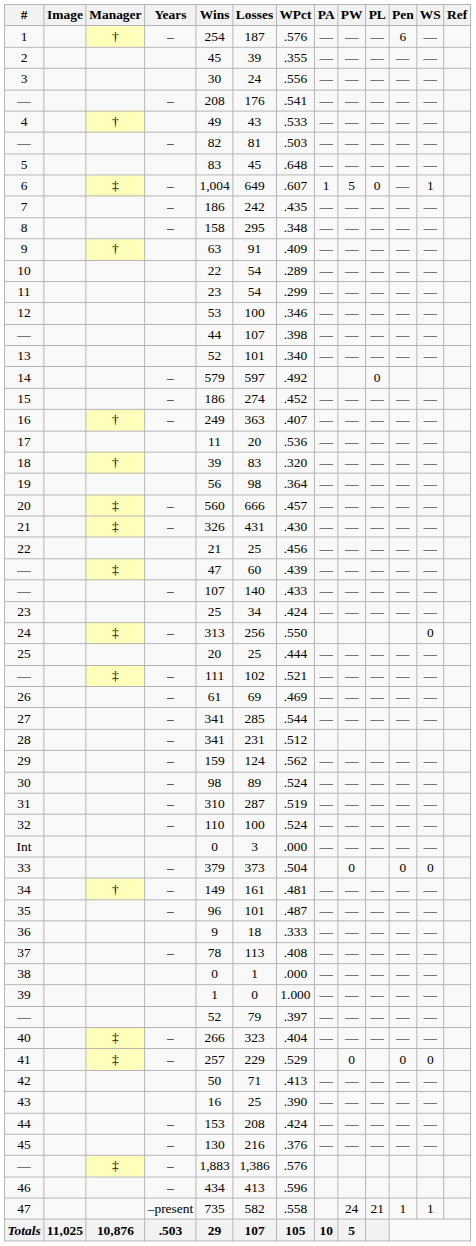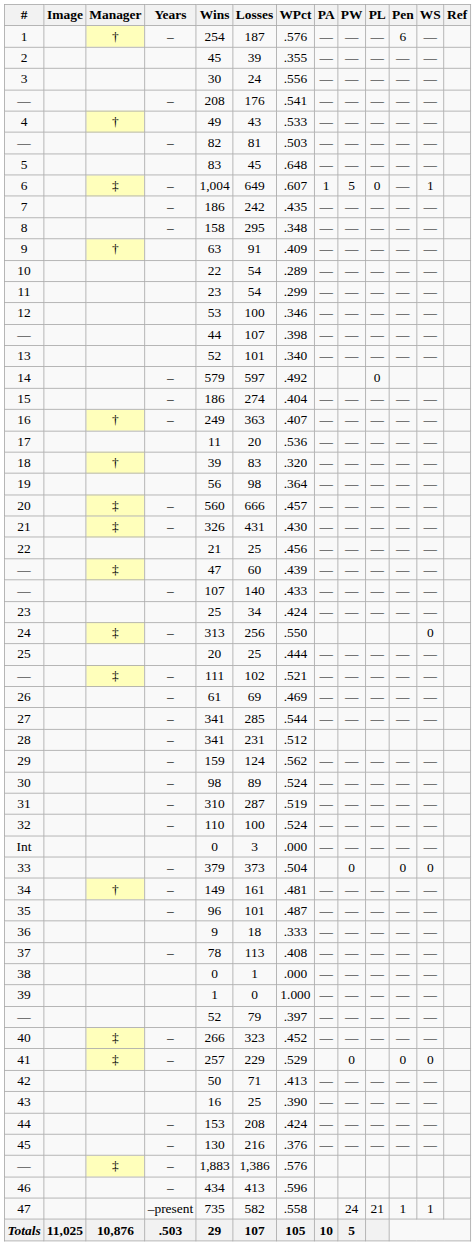 <table class="wikitable sortable" style="text-align:center">
 <tr>
 <th class="unsortable">#</th>
 <th>Image</th>
 <th>Manager</th>
 <th>Years</th>
 <th>Wins</th>
 <th>Losses</th>
 <th>WPct</th>
 <th>PA</th>
 <th>PW</th>
 <th>PL</th>
 <th>Pen</th>
 <th>WS</th>
 <th class="unsortable">Ref</th>
 </tr>
 <tr>
 <td>1</td>
 <td></td>
 <td style="background:#ffb;">†</td>
 <td>–</td>
 <td>254</td>
 <td>187</td>
 <td>.576</td>
 <td>—</td>
 <td>—</td>
 <td>—</td>
 <td>6</td>
 <td>—</td>
 <td></td>
 </tr>
 <tr>
 <td>2</td>
 <td></td>
 <td></td>
 <td></td>
 <td>45</td>
 <td>39</td>
 <td>.355</td>
 <td>—</td>
 <td>—</td>
 <td>—</td>
 <td>—</td>
 <td>—</td>
 <td></td>
 </tr>
 <tr>
 <td>3</td>
 <td></td>
 <td></td>
 <td></td>
 <td>30</td>
 <td>24</td>
 <td>.556</td>
 <td>—</td>
 <td>—</td>
 <td>—</td>
 <td>—</td>
 <td>—</td>
 <td></td>
 </tr>
 <tr>
 <td>—</td>
 <td></td>
 <td></td>
 <td>–</td>
 <td>208</td>
 <td>176</td>
 <td>.541</td>
 <td>—</td>
 <td>—</td>
 <td>—</td>
 <td>—</td>
 <td>—</td>
 <td></td>
 </tr>
 <tr>
 <td>4</td>
 <td></td>
 <td style="background:#ffb;">†</td>
 <td></td>
 <td>49</td>
 <td>43</td>
 <td>.533</td>
 <td>—</td>
 <td>—</td>
 <td>—</td>
 <td>—</td>
 <td>—</td>
 <td></td>
 </tr>
 <tr>
 <td>—</td>
 <td></td>
 <td></td>
 <td>–</td>
 <td>82</td>
 <td>81</td>
 <td>.503</td>
 <td>—</td>
 <td>—</td>
 <td>—</td>
 <td>—</td>
 <td>—</td>
 <td></td>
 </tr>
 <tr>
 <td>5</td>
 <td></td>
 <td></td>
 <td></td>
 <td>83</td>
 <td>45</td>
 <td>.648</td>
 <td>—</td>
 <td>—</td>
 <td>—</td>
 <td>—</td>
 <td>—</td>
 <td></td>
 </tr>
 <tr>
 <td>6</td>
 <td></td>
 <td style="background:#ffb;">‡</td>
 <td>–</td>
 <td>1,004</td>
 <td>649</td>
 <td>.607</td>
 <td>1</td>
 <td>5</td>
 <td>0</td>
 <td>—</td>
 <td>1</td>
 <td></td>
 </tr>
 <tr>
 <td>7</td>
 <td></td>
 <td></td>
 <td>–</td>
 <td>186</td>
 <td>242</td>
 <td>.435</td>
 <td>—</td>
 <td>—</td>
 <td>—</td>
 <td>—</td>
 <td>—</td>
 <td></td>
 </tr>
 <tr>
 <td>8</td>
 <td></td>
 <td></td>
 <td>–</td>
 <td>158</td>
 <td>295</td>
 <td>.348</td>
 <td>—</td>
 <td>—</td>
 <td>—</td>
 <td>—</td>
 <td>—</td>
 <td></td>
 </tr>
 <tr>
 <td>9</td>
 <td></td>
 <td style="background:#ffb;">†</td>
 <td></td>
 <td>63</td>
 <td>91</td>
 <td>.409</td>
 <td>—</td>
 <td>—</td>
 <td>—</td>
 <td>—</td>
 <td>—</td>
 <td></td>
 </tr>
 <tr>
 <td>10</td>
 <td></td>
 <td></td>
 <td></td>
 <td>22</td>
 <td>54</td>
 <td>.289</td>
 <td>—</td>
 <td>—</td>
 <td>—</td>
 <td>—</td>
 <td>—</td>
 <td></td>
 </tr>
 <tr>
 <td>11</td>
 <td></td>
 <td></td>
 <td></td>
 <td>23</td>
 <td>54</td>
 <td>.299</td>
 <td>—</td>
 <td>—</td>
 <td>—</td>
 <td>—</td>
 <td>—</td>
 <td></td>
 </tr>
 <tr>
 <td>12</td>
 <td></td>
 <td></td>
 <td></td>
 <td>53</td>
 <td>100</td>
 <td>.346</td>
 <td>—</td>
 <td>—</td>
 <td>—</td>
 <td>—</td>
 <td>—</td>
 <td></td>
 </tr>
 <tr>
 <td>—</td>
 <td></td>
 <td></td>
 <td></td>
 <td>44</td>
 <td>107</td>
 <td>.398</td>
 <td>—</td>
 <td>—</td>
 <td>—</td>
 <td>—</td>
 <td>—</td>
 <td></td>
 </tr>
 <tr>
 <td>13</td>
 <td></td>
 <td></td>
 <td></td>
 <td>52</td>
 <td>101</td>
 <td>.340</td>
 <td>—</td>
 <td>—</td>
 <td>—</td>
 <td>—</td>
 <td>—</td>
 <td></td>
 </tr>
 <tr>
 <td>14</td>
 <td></td>
 <td></td>
 <td>–</td>
 <td>579</td>
 <td>597</td>
 <td>.492</td>
 <td></td>
 <td></td>
 <td>0</td>
 <td></td>
 <td></td>
 <td></td>
 </tr>
 <tr>
 <td>15</td>
 <td></td>
 <td></td>
 <td>–</td>
 <td>186</td>
 <td>274</td>
-<td>.452</td>
+<td>.404</td>
 <td>—</td>
 <td>—</td>
 <td>—</td>
 <td>—</td>
 <td>—</td>
 <td></td>
 </tr>
 <tr>
 <td>16</td>
 <td></td>
 <td style="background:#ffb;">†</td>
 <td>–</td>
 <td>249</td>
 <td>363</td>
 <td>.407</td>
 <td>—</td>
 <td>—</td>
 <td>—</td>
 <td>—</td>
 <td>—</td>
 <td></td>
 </tr>
 <tr>
 <td>17</td>
 <td></td>
 <td></td>
 <td></td>
 <td>11</td>
 <td>20</td>
 <td>.536</td>
 <td>—</td>
 <td>—</td>
 <td>—</td>
 <td>—</td>
 <td>—</td>
 <td></td>
 </tr>
 <tr>
 <td>18</td>
 <td></td>
 <td style="background:#ffb;">†</td>
 <td></td>
 <td>39</td>
 <td>83</td>
 <td>.320</td>
 <td>—</td>
 <td>—</td>
 <td>—</td>
 <td>—</td>
 <td>—</td>
 <td></td>
 </tr>
 <tr>
 <td>19</td>
 <td></td>
 <td></td>
 <td></td>
 <td>56</td>
 <td>98</td>
 <td>.364</td>
 <td>—</td>
 <td>—</td>
 <td>—</td>
 <td>—</td>
 <td>—</td>
 <td></td>
 </tr>
 <tr>
 <td>20</td>
 <td></td>
 <td style="background:#ffb;">‡</td>
 <td>–</td>
 <td>560</td>
 <td>666</td>
 <td>.457</td>
 <td>—</td>
 <td>—</td>
 <td>—</td>
 <td>—</td>
 <td>—</td>
 <td></td>
 </tr>
 <tr>
 <td>21</td>
 <td></td>
 <td style="background:#ffb;">‡</td>
 <td>–</td>
 <td>326</td>
 <td>431</td>
 <td>.430</td>
 <td>—</td>
 <td>—</td>
 <td>—</td>
 <td>—</td>
 <td>—</td>
 <td></td>
 </tr>
 <tr>
 <td>22</td>
 <td></td>
 <td></td>
 <td></td>
 <td>21</td>
 <td>25</td>
 <td>.456</td>
 <td>—</td>
 <td>—</td>
 <td>—</td>
 <td>—</td>
 <td>—</td>
 <td></td>
 </tr>
 <tr>
 <td>—</td>
 <td></td>
 <td style="background:#ffb;">‡</td>
 <td></td>
 <td>47</td>
 <td>60</td>
 <td>.439</td>
 <td>—</td>
 <td>—</td>
 <td>—</td>
 <td>—</td>
 <td>—</td>
 <td></td>
 </tr>
 <tr>
 <td>—</td>
 <td></td>
 <td></td>
 <td>–</td>
 <td>107</td>
 <td>140</td>
 <td>.433</td>
 <td>—</td>
 <td>—</td>
 <td>—</td>
 <td>—</td>
 <td>—</td>
 <td></td>
 </tr>
 <tr>
 <td>23</td>
 <td></td>
 <td></td>
 <td></td>
 <td>25</td>
 <td>34</td>
 <td>.424</td>
 <td>—</td>
 <td>—</td>
 <td>—</td>
 <td>—</td>
 <td>—</td>
 <td></td>
 </tr>
 <tr>
 <td>24</td>
 <td></td>
 <td style="background:#ffb;">‡</td>
 <td>–</td>
 <td>313</td>
 <td>256</td>
 <td>.550</td>
 <td></td>
 <td></td>
 <td></td>
 <td></td>
 <td>0</td>
 <td></td>
 </tr>
 <tr>
 <td>25</td>
 <td></td>
 <td></td>
 <td></td>
 <td>20</td>
 <td>25</td>
 <td>.444</td>
 <td>—</td>
 <td>—</td>
 <td>—</td>
 <td>—</td>
 <td>—</td>
 <td></td>
 </tr>
 <tr>
 <td>—</td>
 <td></td>
 <td style="background:#ffb;">‡</td>
 <td>–</td>
 <td>111</td>
 <td>102</td>
 <td>.521</td>
 <td>—</td>
 <td>—</td>
 <td>—</td>
 <td>—</td>
 <td>—</td>
 <td></td>
 </tr>
 <tr>
 <td>26</td>
 <td></td>
 <td></td>
 <td>–</td>
 <td>61</td>
 <td>69</td>
 <td>.469</td>
 <td>—</td>
 <td>—</td>
 <td>—</td>
 <td>—</td>
 <td>—</td>
 <td></td>
 </tr>
 <tr>
 <td>27</td>
 <td></td>
 <td></td>
 <td>–</td>
 <td>341</td>
 <td>285</td>
 <td>.544</td>
 <td>—</td>
 <td>—</td>
 <td>—</td>
 <td>—</td>
 <td>—</td>
 <td></td>
 </tr>
 <tr>
 <td>28</td>
 <td></td>
 <td></td>
 <td>–</td>
 <td>341</td>
 <td>231</td>
 <td>.512</td>
 <td></td>
 <td></td>
 <td></td>
 <td></td>
 <td></td>
 <td></td>
 </tr>
 <tr>
 <td>29</td>
 <td></td>
 <td></td>
 <td>–</td>
 <td>159</td>
 <td>124</td>
 <td>.562</td>
 <td>—</td>
 <td>—</td>
 <td>—</td>
 <td>—</td>
 <td>—</td>
 <td></td>
 </tr>
 <tr>
 <td>30</td>
 <td></td>
 <td></td>
 <td>–</td>
 <td>98</td>
 <td>89</td>
 <td>.524</td>
 <td>—</td>
 <td>—</td>
 <td>—</td>
 <td>—</td>
 <td>—</td>
 <td></td>
 </tr>
 <tr>
 <td>31</td>
 <td></td>
 <td></td>
 <td>–</td>
 <td>310</td>
 <td>287</td>
 <td>.519</td>
 <td>—</td>
 <td>—</td>
 <td>—</td>
 <td>—</td>
 <td>—</td>
 <td></td>
 </tr>
 <tr>
 <td>32</td>
 <td></td>
 <td></td>
 <td>–</td>
 <td>110</td>
 <td>100</td>
 <td>.524</td>
 <td>—</td>
 <td>—</td>
 <td>—</td>
 <td>—</td>
 <td>—</td>
 <td></td>
 </tr>
 <tr>
 <td>Int</td>
 <td></td>
 <td></td>
 <td></td>
 <td>0</td>
 <td>3</td>
 <td>.000</td>
 <td>—</td>
 <td>—</td>
 <td>—</td>
 <td>—</td>
 <td>—</td>
 <td></td>
 </tr>
 <tr>
 <td>33</td>
 <td></td>
 <td></td>
 <td>–</td>
 <td>379</td>
 <td>373</td>
 <td>.504</td>
 <td></td>
 <td>0</td>
 <td></td>
 <td>0</td>
 <td>0</td>
 <td></td>
 </tr>
 <tr>
 <td>34</td>
 <td></td>
 <td style="background:#ffb;">†</td>
 <td>–</td>
 <td>149</td>
 <td>161</td>
 <td>.481</td>
 <td>—</td>
 <td>—</td>
 <td>—</td>
 <td>—</td>
 <td>—</td>
 <td></td>
 </tr>
 <tr>
 <td>35</td>
 <td></td>
 <td></td>
 <td>–</td>
 <td>96</td>
 <td>101</td>
 <td>.487</td>
 <td>—</td>
 <td>—</td>
 <td>—</td>
 <td>—</td>
 <td>—</td>
 <td></td>
 </tr>
 <tr>
 <td>36</td>
 <td></td>
 <td></td>
 <td></td>
 <td>9</td>
 <td>18</td>
 <td>.333</td>
 <td>—</td>
 <td>—</td>
 <td>—</td>
 <td>—</td>
 <td>—</td>
 <td></td>
 </tr>
 <tr>
 <td>37</td>
 <td></td>
 <td></td>
 <td>–</td>
 <td>78</td>
 <td>113</td>
 <td>.408</td>
 <td>—</td>
 <td>—</td>
 <td>—</td>
 <td>—</td>
 <td>—</td>
 <td></td>
 </tr>
 <tr>
 <td>38</td>
 <td></td>
 <td></td>
 <td></td>
 <td>0</td>
 <td>1</td>
 <td>.000</td>
 <td>—</td>
 <td>—</td>
 <td>—</td>
 <td>—</td>
 <td>—</td>
 <td></td>
 </tr>
 <tr>
 <td>39</td>
 <td></td>
 <td></td>
 <td></td>
 <td>1</td>
 <td>0</td>
 <td>1.000</td>
 <td>—</td>
 <td>—</td>
 <td>—</td>
 <td>—</td>
 <td>—</td>
 <td></td>
 </tr>
 <tr>
 <td>—</td>
 <td></td>
 <td></td>
 <td></td>
 <td>52</td>
 <td>79</td>
 <td>.397</td>
 <td>—</td>
 <td>—</td>
 <td>—</td>
 <td>—</td>
 <td>—</td>
 <td></td>
 </tr>
 <tr>
 <td>40</td>
 <td></td>
 <td style="background:#ffb;">‡</td>
 <td>–</td>
 <td>266</td>
 <td>323</td>
-<td>.404</td>
+<td>.452</td>
 <td>—</td>
 <td>—</td>
 <td>—</td>
 <td>—</td>
 <td>—</td>
 <td></td>
 </tr>
 <tr>
 <td>41</td>
 <td></td>
 <td style="background:#ffb;">‡</td>
 <td>–</td>
 <td>257</td>
 <td>229</td>
 <td>.529</td>
 <td></td>
 <td>0</td>
 <td></td>
 <td>0</td>
 <td>0</td>
 <td></td>
 </tr>
 <tr>
 <td>42</td>
 <td></td>
 <td></td>
 <td></td>
 <td>50</td>
 <td>71</td>
 <td>.413</td>
 <td>—</td>
 <td>—</td>
 <td>—</td>
 <td>—</td>
 <td>—</td>
 <td></td>
 </tr>
 <tr>
 <td>43</td>
 <td></td>
 <td></td>
 <td></td>
 <td>16</td>
 <td>25</td>
 <td>.390</td>
 <td>—</td>
 <td>—</td>
 <td>—</td>
 <td>—</td>
 <td>—</td>
 <td></td>
 </tr>
 <tr>
 <td>44</td>
 <td></td>
 <td></td>
 <td>–</td>
 <td>153</td>
 <td>208</td>
 <td>.424</td>
 <td>—</td>
 <td>—</td>
 <td>—</td>
 <td>—</td>
 <td>—</td>
 <td></td>
 </tr>
 <tr>
 <td>45</td>
 <td></td>
 <td></td>
 <td>–</td>
 <td>130</td>
 <td>216</td>
 <td>.376</td>
 <td>—</td>
 <td>—</td>
 <td>—</td>
 <td>—</td>
 <td>—</td>
 <td></td>
 </tr>
 <tr>
 <td>—</td>
 <td></td>
 <td style="background:#ffb;">‡</td>
 <td>–</td>
 <td>1,883</td>
 <td>1,386</td>
 <td>.576</td>
 <td></td>
 <td></td>
 <td></td>
 <td></td>
 <td></td>
 <td></td>
 </tr>
 <tr>
 <td>46</td>
 <td></td>
 <td></td>
 <td>–</td>
 <td>434</td>
 <td>413</td>
 <td>.596</td>
 <td></td>
 <td></td>
 <td></td>
 <td></td>
 <td></td>
 <td></td>
 </tr>
 <tr>
 <td>47</td>
 <td></td>
 <td></td>
 <td>–present</td>
 <td>735</td>
 <td>582</td>
 <td>.558</td>
 <td></td>
 <td>24</td>
 <td>21</td>
 <td>1</td>
 <td>1</td>
 <td></td>
 </tr>
 <tr class="sortbottom">
 <th><strong><em>Totals</em></strong></th>
 <th>11,025</th>
 <th>10,876</th>
 <th>.503</th>
 <th>29</th>
 <th>107</th>
 <th>105</th>
 <th>10</th>
 <th>5</th>
 <th></th>
 </tr>
 </table>
